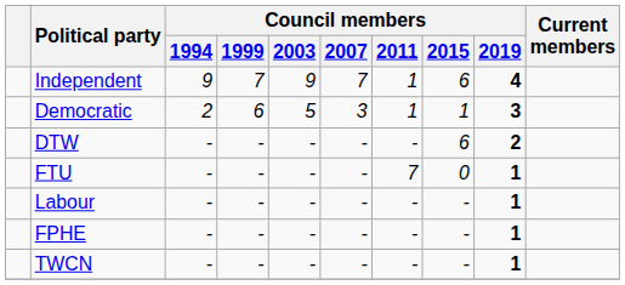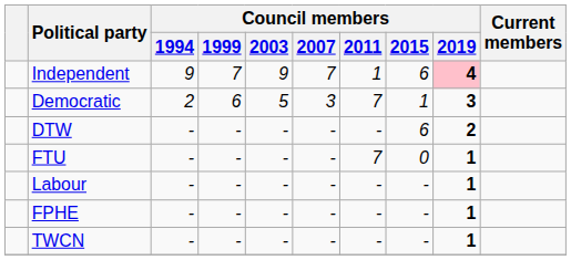 <table class="wikitable">
 <tr>
 <th rowspan="2">   </th>
 <th rowspan="2">Political party</th>
 <th colspan="7">Council members</th>
 <th colspan="10" rowspan="2">Current<br>members</th>
 </tr>
 <tr>
 <th><a href='#'>1994</a></th>
 <th><a href='#'>1999</a></th>
 <th><a href='#'>2003</a></th>
 <th><a href='#'>2007</a></th>
 <th><a href='#'>2011</a></th>
 <th><a href='#'>2015</a></th>
 <th><a href='#'>2019</a></th>
 </tr>
 <tr>
 <td bgcolor=> </td>
 <td><a href='#'>Independent</a></td>
 <td style="text-align: right"><em>9</em></td>
 <td style="text-align: right"><em>7</em></td>
 <td style="text-align: right"><em>9</em></td>
 <td style="text-align: right"><em>7</em></td>
 <td style="text-align: right"><em>1</em></td>
 <td style="text-align: right"><em>6</em></td>
-<td style="text-align: right"><strong>4</strong></td>
+<td style="background: pink; text-align: right"><strong>4</strong></td>
 <td></td>
 </tr>
 <tr>
 <td bgcolor=> </td>
 <td><a href='#'>Democratic</a></td>
 <td style="text-align: right"><em>2</em></td>
 <td style="text-align: right"><em>6</em></td>
 <td style="text-align: right"><em>5</em></td>
 <td style="text-align: right"><em>3</em></td>
-<td style="text-align: right"><em>1</em></td>
+<td style="text-align: right"><em>7</em></td>
 <td style="text-align: right"><em>1</em></td>
 <td style="text-align: right"><strong>3</strong></td>
 <td></td>
 </tr>
 <tr>
 <td style="background-color:"> </td>
 <td><a href='#'>DTW</a></td>
 <td style="text-align: right"><em>-</em></td>
 <td style="text-align: right"><em>-</em></td>
 <td style="text-align: right"><em>-</em></td>
 <td style="text-align: right"><em>-</em></td>
 <td style="text-align: right"><em>-</em></td>
 <td style="text-align: right"><em>6</em></td>
 <td style="text-align: right"><strong>2</strong></td>
 <td></td>
 </tr>
 <tr>
 <td style="background-color:"> </td>
 <td><a href='#'>FTU</a></td>
 <td style="text-align: right"><em>-</em></td>
 <td style="text-align: right"><em>-</em></td>
 <td style="text-align: right"><em>-</em></td>
 <td style="text-align: right"><em>-</em></td>
 <td style="text-align: right"><em>7</em></td>
 <td style="text-align: right"><em>0</em></td>
 <td style="text-align: right"><strong>1</strong></td>
 <td></td>
 </tr>
 <tr>
 <td style="background-color:"> </td>
 <td><a href='#'>Labour</a></td>
 <td style="text-align: right"><em>-</em></td>
 <td style="text-align: right"><em>-</em></td>
 <td style="text-align: right"><em>-</em></td>
 <td style="text-align: right"><em>-</em></td>
 <td style="text-align: right"><em>-</em></td>
 <td style="text-align: right"><em>-</em></td>
 <td style="text-align: right"><strong>1</strong></td>
 <td></td>
 </tr>
 <tr>
 <td style="background-color:"> </td>
 <td><a href='#'>FPHE</a></td>
 <td style="text-align: right"><em>-</em></td>
 <td style="text-align: right"><em>-</em></td>
 <td style="text-align: right"><em>-</em></td>
 <td style="text-align: right"><em>-</em></td>
 <td style="text-align: right"><em>-</em></td>
 <td style="text-align: right"><em>-</em></td>
 <td style="text-align: right"><strong>1</strong></td>
 <td></td>
 </tr>
 <tr>
 <td style="background-color:"> </td>
 <td><a href='#'>TWCN</a></td>
 <td style="text-align: right"><em>-</em></td>
 <td style="text-align: right"><em>-</em></td>
 <td style="text-align: right"><em>-</em></td>
 <td style="text-align: right"><em>-</em></td>
 <td style="text-align: right"><em>-</em></td>
 <td style="text-align: right"><em>-</em></td>
 <td style="text-align: right"><strong>1</strong></td>
 <td></td>
 </tr>
 <tr>
 </tr>
 </table>
